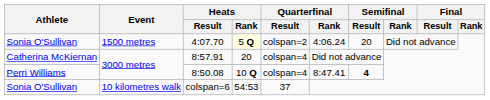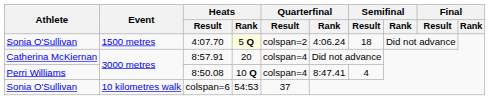 <table class="wikitable" style="font-size:90%">
 <tr>
 <th rowspan="2">Athlete</th>
 <th rowspan="2">Event</th>
 <th colspan="2">Heats</th>
 <th colspan="2">Quarterfinal</th>
 <th colspan="2">Semifinal</th>
 <th colspan="2">Final</th>
 </tr>
 <tr style="font-size:95%">
 <th>Result</th>
 <th>Rank</th>
 <th>Result</th>
 <th>Rank</th>
 <th>Result</th>
 <th>Rank</th>
 <th>Result</th>
 <th>Rank</th>
 </tr>
 <tr align=center>
 <td align=left><a href='#'>Sonia O'Sullivan</a></td>
 <td align=left><a href='#'>1500 metres</a></td>
 <td>4:07.70</td>
 <td style="background: lightyellow;">5 <strong>Q</strong></td>
 <td>colspan=2</td>
 <td>4:06.24</td>
-<td>20</td>
+<td>18</td>
 <td colspan=2>Did not advance</td>
 </tr>
 <tr align=center>
 <td align=left><a href='#'>Catherina McKiernan</a></td>
 <td align=left rowspan=2><a href='#'>3000 metres</a></td>
 <td>8:57.91</td>
 <td>20</td>
 <td>colspan=4</td>
 <td colspan=2>Did not advance</td>
 </tr>
 <tr align=center>
 <td align=left><a href='#'>Perri Williams</a></td>
 <td>8:50.08</td>
 <td>10 <strong>Q</strong></td>
 <td>colspan=4</td>
 <td>8:47.41</td>
-<td><strong>4</strong></td>
+<td>4</td>
 </tr>
 <tr align=center>
 <td align=left><a href='#'>Sonia O'Sullivan</a></td>
 <td align=left><a href='#'>10 kilometres walk</a></td>
 <td>colspan=6</td>
 <td>54:53</td>
 <td>37</td>
 </tr>
 </table>
